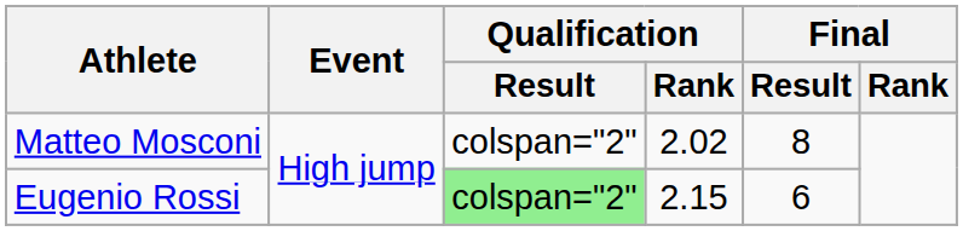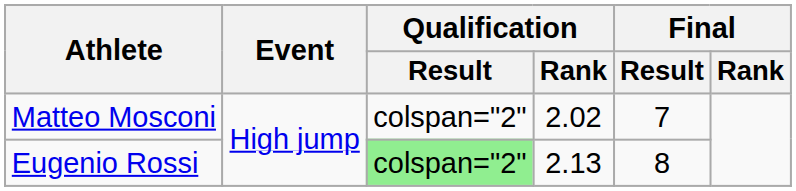 <table class=wikitable style="font-size:90%">
 <tr>
 <th rowspan="2">Athlete</th>
 <th rowspan="2">Event</th>
 <th colspan="2">Qualification</th>
 <th colspan="2">Final</th>
 </tr>
 <tr style="font-size:95%">
 <th>Result</th>
 <th>Rank</th>
 <th>Result</th>
 <th>Rank</th>
 </tr>
 <tr align="center">
 <td align="left"><a href='#'>Matteo Mosconi</a></td>
 <td rowspan="2" align="left"><a href='#'>High jump</a></td>
 <td>colspan="2" </td>
 <td>2.02</td>
-<td>8</td>
+<td>7</td>
 </tr>
 <tr align="center">
 <td align="left"><a href='#'>Eugenio Rossi</a></td>
 <td style="background: lightgreen;">colspan="2" </td>
-<td>2.15</td>
-<td>6</td>
+<td>2.13</td>
+<td>8</td>
 </tr>
 </table>
